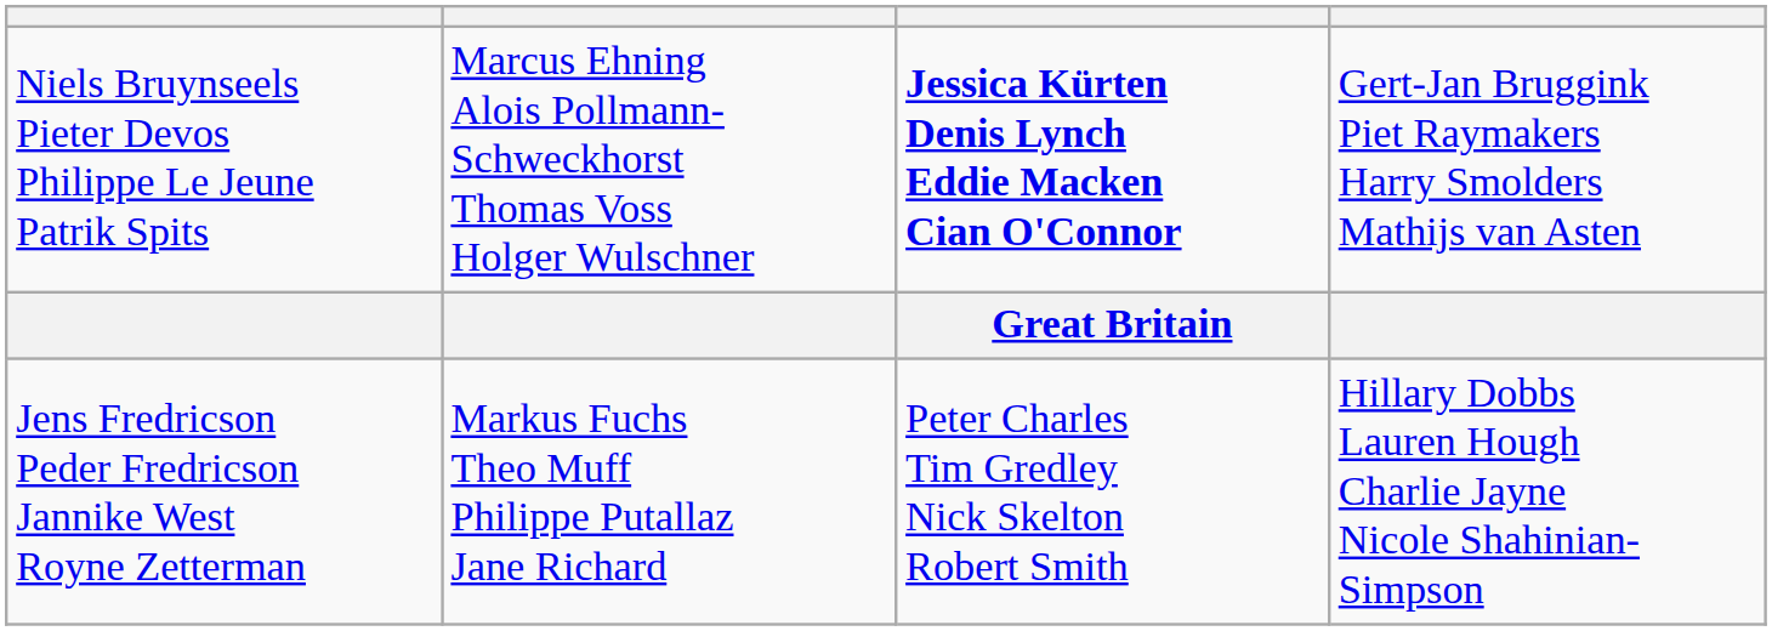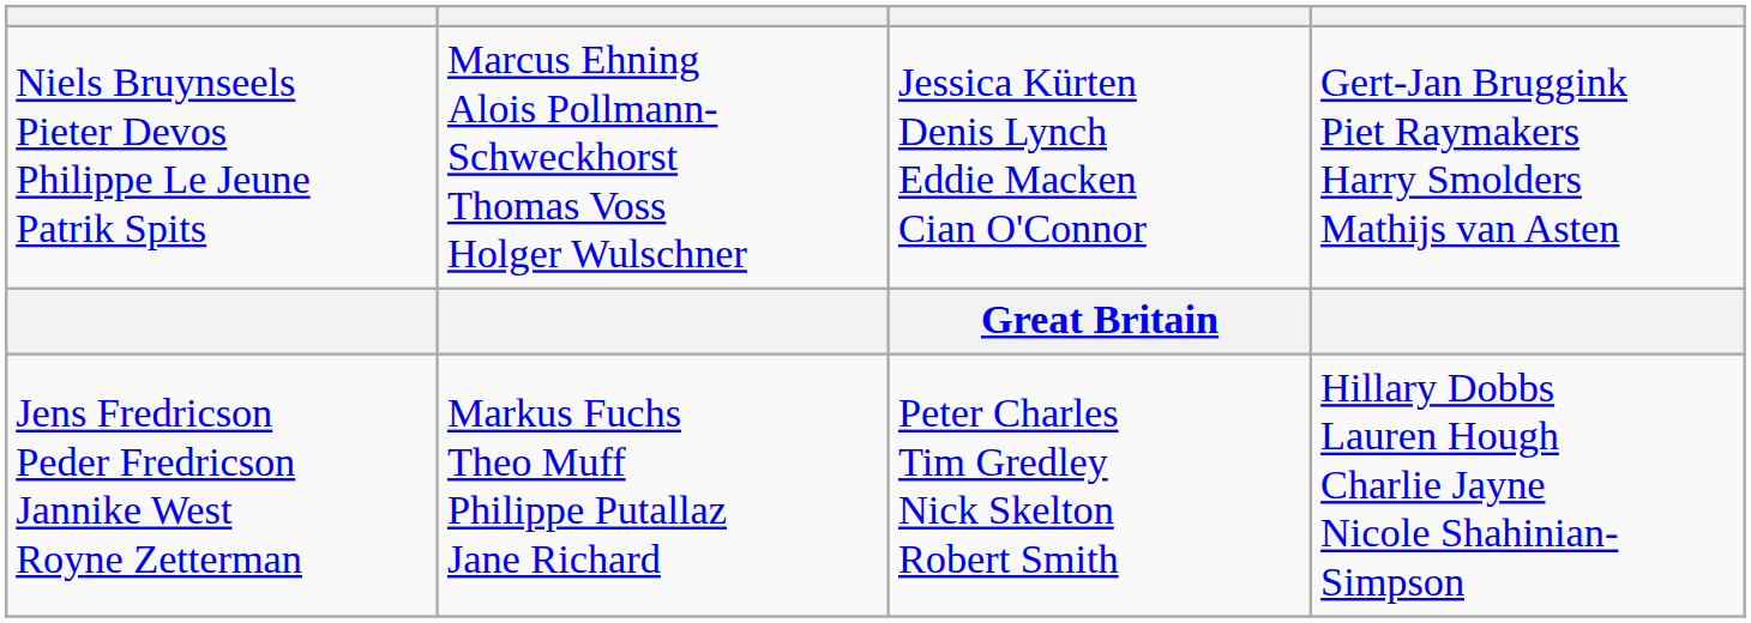 <table class="wikitable" style="font-size: 90%">
 <tr>
 <th width=200></th>
 <th width=200></th>
 <th width=200></th>
 <th width=200></th>
 </tr>
 <tr>
 <td><a href='#'>Niels Bruynseels</a><br><a href='#'>Pieter Devos</a><br><a href='#'>Philippe Le Jeune</a><br><a href='#'>Patrik Spits</a></td>
 <td><a href='#'>Marcus Ehning</a><br><a href='#'>Alois Pollmann-Schweckhorst</a><br><a href='#'>Thomas Voss</a><br><a href='#'>Holger Wulschner</a></td>
-<td><strong><a href='#'>Jessica Kürten</a><br><a href='#'>Denis Lynch</a><br><a href='#'>Eddie Macken</a><br><a href='#'>Cian O'Connor</a></strong></td>
+<td><a href='#'>Jessica Kürten</a><br><a href='#'>Denis Lynch</a><br><a href='#'>Eddie Macken</a><br><a href='#'>Cian O'Connor</a></td>
 <td><a href='#'>Gert-Jan Bruggink</a><br><a href='#'>Piet Raymakers</a><br><a href='#'>Harry Smolders</a><br><a href='#'>Mathijs van Asten</a></td>
 </tr>
 <tr>
 <th width=200></th>
 <th width=200></th>
 <th width=200> <a href='#'>Great Britain</a></th>
 <th width=200></th>
 </tr>
 <tr>
 <td><a href='#'>Jens Fredricson</a><br><a href='#'>Peder Fredricson</a><br><a href='#'>Jannike West</a><br><a href='#'>Royne Zetterman</a></td>
 <td><a href='#'>Markus Fuchs</a><br><a href='#'>Theo Muff</a><br><a href='#'>Philippe Putallaz</a><br><a href='#'>Jane Richard</a></td>
 <td><a href='#'>Peter Charles</a><br><a href='#'>Tim Gredley</a><br><a href='#'>Nick Skelton</a><br><a href='#'>Robert Smith</a></td>
 <td><a href='#'>Hillary Dobbs</a><br><a href='#'>Lauren Hough</a><br><a href='#'>Charlie Jayne</a><br><a href='#'>Nicole Shahinian-Simpson</a></td>
 </tr>
 </table>
